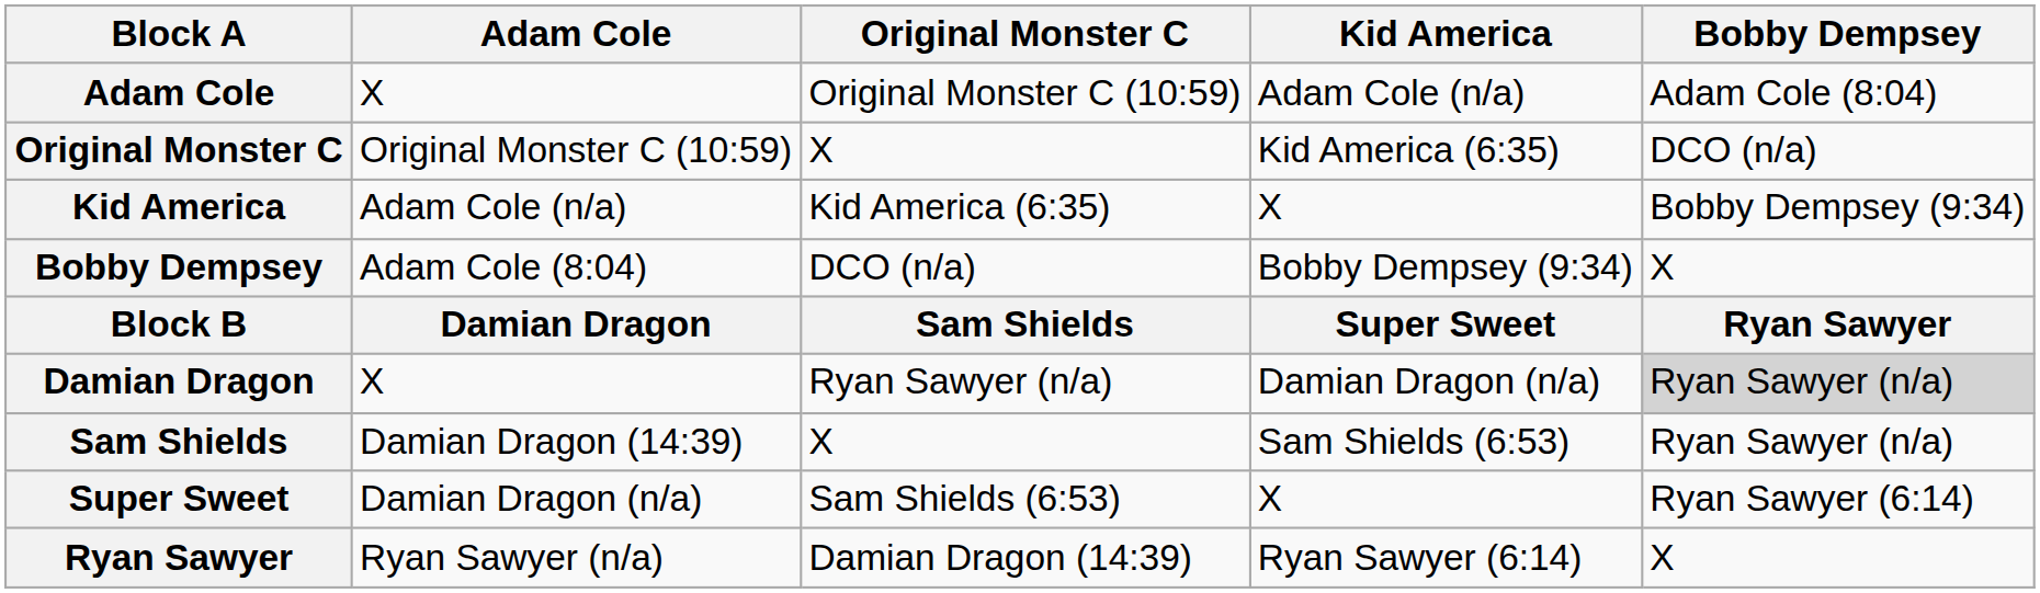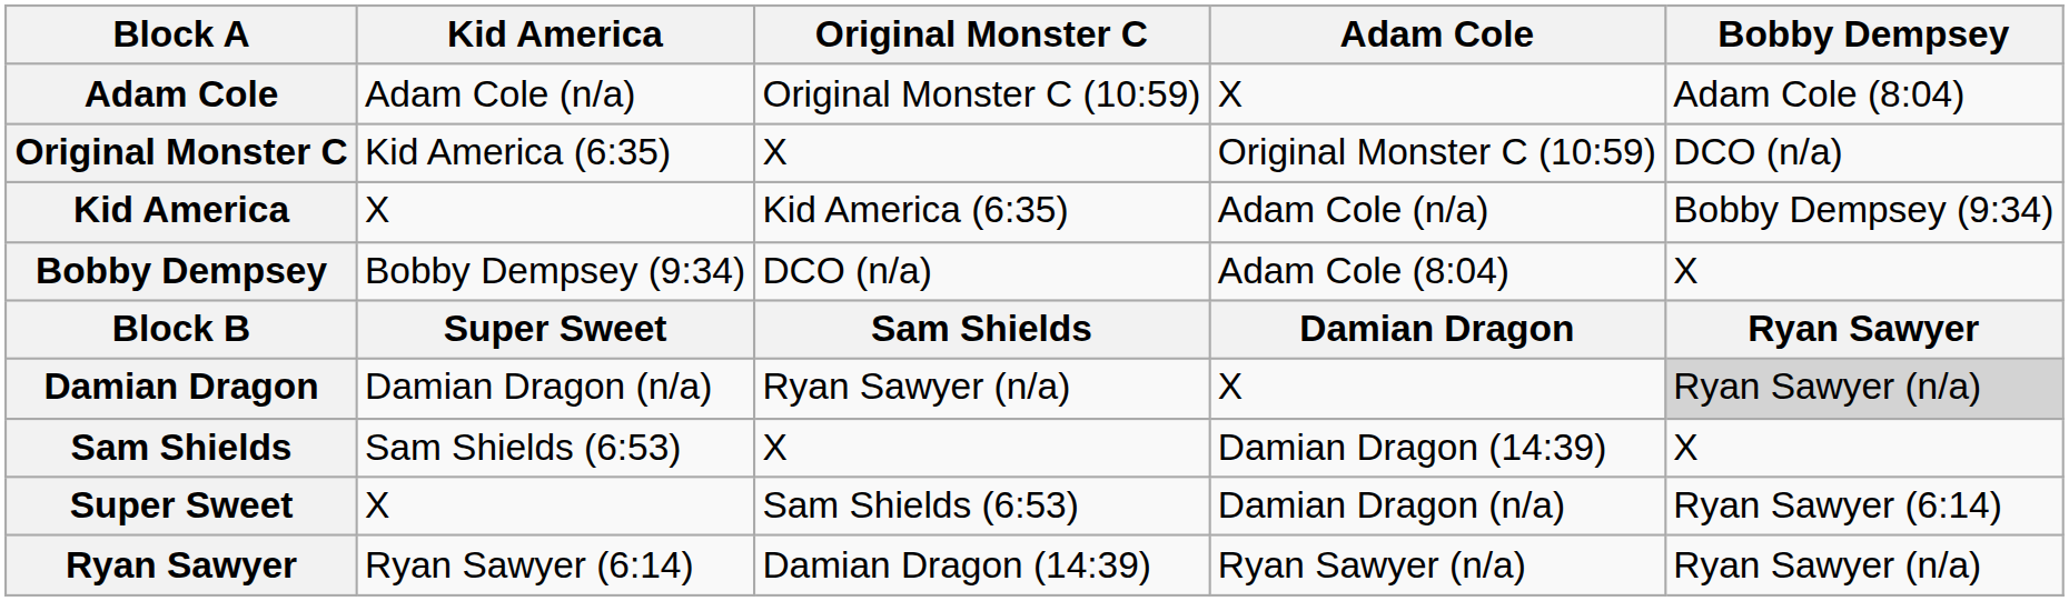 <table class="wikitable" style="margin: 1em auto 1em auto">
 <tr>
 <th>Block A</th>
+<th>Kid America</th>
+<th>Original Monster C</th>
 <th>Adam Cole</th>
-<th>Original Monster C</th>
-<th>Kid America</th>
 <th>Bobby Dempsey</th>
 </tr>
 <tr>
 <th>Adam Cole</th>
+<td>Adam Cole (n/a)</td>
+<td>Original Monster C (10:59)</td>
 <td>X</td>
-<td>Original Monster C (10:59)</td>
-<td>Adam Cole (n/a)</td>
 <td>Adam Cole (8:04)</td>
 </tr>
 <tr>
 <th>Original Monster C</th>
+<td>Kid America (6:35)</td>
+<td>X</td>
 <td>Original Monster C (10:59)</td>
-<td>X</td>
-<td>Kid America (6:35)</td>
 <td>DCO (n/a)</td>
 </tr>
 <tr>
 <th>Kid America</th>
+<td>X</td>
+<td>Kid America (6:35)</td>
 <td>Adam Cole (n/a)</td>
-<td>Kid America (6:35)</td>
-<td>X</td>
 <td>Bobby Dempsey (9:34)</td>
 </tr>
 <tr>
 <th>Bobby Dempsey</th>
+<td>Bobby Dempsey (9:34)</td>
+<td>DCO (n/a)</td>
 <td>Adam Cole (8:04)</td>
-<td>DCO (n/a)</td>
-<td>Bobby Dempsey (9:34)</td>
 <td>X</td>
 </tr>
 <tr>
 <th>Block B</th>
+<th>Super Sweet</th>
+<th>Sam Shields</th>
 <th>Damian Dragon</th>
-<th>Sam Shields</th>
-<th>Super Sweet</th>
 <th>Ryan Sawyer</th>
 </tr>
 <tr>
 <th>Damian Dragon</th>
+<td>Damian Dragon (n/a)</td>
+<td>Ryan Sawyer (n/a)</td>
 <td>X</td>
-<td>Ryan Sawyer (n/a)</td>
-<td>Damian Dragon (n/a)</td>
 <td style="background: lightgrey;">Ryan Sawyer (n/a)</td>
 </tr>
 <tr>
 <th>Sam Shields</th>
+<td>Sam Shields (6:53)</td>
+<td>X</td>
 <td>Damian Dragon (14:39)</td>
 <td>X</td>
-<td>Sam Shields (6:53)</td>
-<td>Ryan Sawyer (n/a)</td>
 </tr>
 <tr>
 <th>Super Sweet</th>
+<td>X</td>
+<td>Sam Shields (6:53)</td>
 <td>Damian Dragon (n/a)</td>
-<td>Sam Shields (6:53)</td>
-<td>X</td>
 <td>Ryan Sawyer (6:14)</td>
 </tr>
 <tr>
 <th>Ryan Sawyer</th>
+<td>Ryan Sawyer (6:14)</td>
+<td>Damian Dragon (14:39)</td>
 <td>Ryan Sawyer (n/a)</td>
-<td>Damian Dragon (14:39)</td>
-<td>Ryan Sawyer (6:14)</td>
-<td>X</td>
+<td>Ryan Sawyer (n/a)</td>
 </tr>
 </table>
